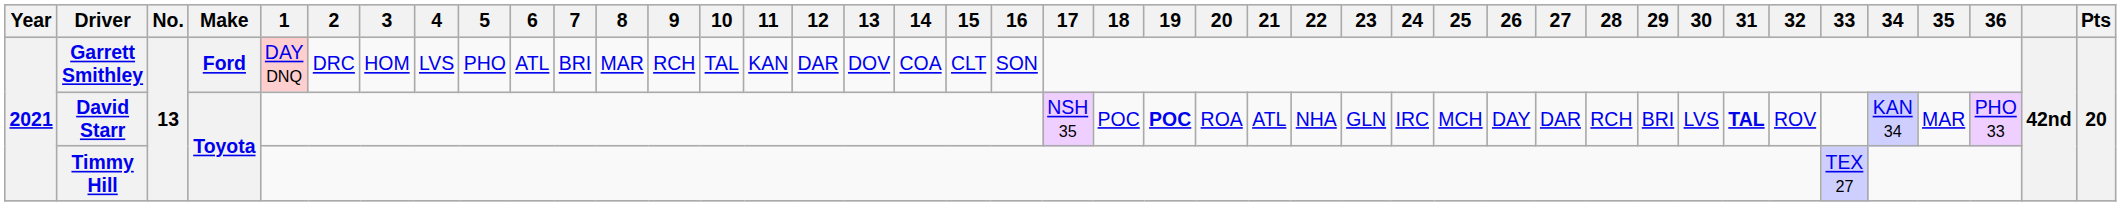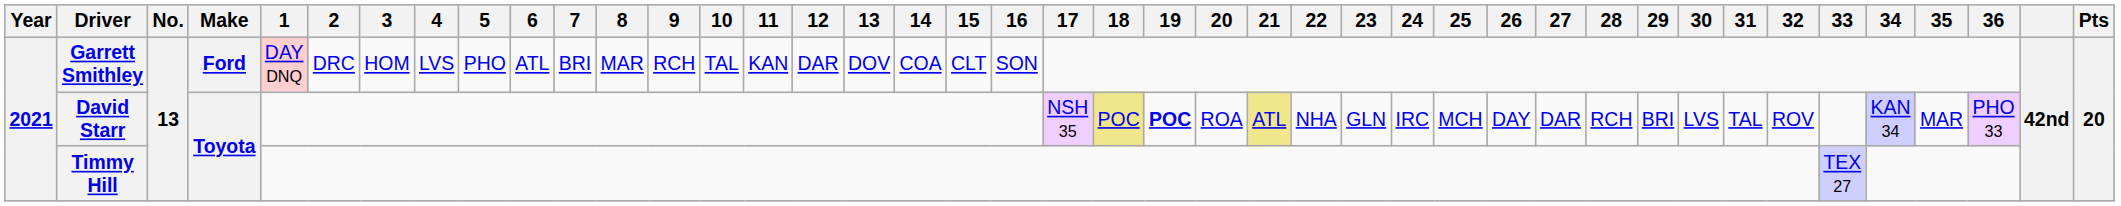 <table class="wikitable" style="text-align:center; font-size:75%">
 <tr>
 <th>Year</th>
 <th>Driver</th>
 <th>No.</th>
 <th>Make</th>
 <th>1</th>
 <th>2</th>
 <th>3</th>
 <th>4</th>
 <th>5</th>
 <th>6</th>
 <th>7</th>
 <th>8</th>
 <th>9</th>
 <th>10</th>
 <th>11</th>
 <th>12</th>
 <th>13</th>
 <th>14</th>
 <th>15</th>
 <th>16</th>
 <th>17</th>
 <th>18</th>
 <th>19</th>
 <th>20</th>
 <th>21</th>
 <th>22</th>
 <th>23</th>
 <th>24</th>
 <th>25</th>
 <th>26</th>
 <th>27</th>
 <th>28</th>
 <th>29</th>
 <th>30</th>
 <th>31</th>
 <th>32</th>
 <th>33</th>
 <th>34</th>
 <th>35</th>
 <th>36</th>
 <th></th>
 <th>Pts</th>
 </tr>
 <tr>
 <th Rowspan=3><a href='#'>2021</a></th>
 <th><a href='#'>Garrett Smithley</a></th>
 <th Rowspan=3>13</th>
 <th><a href='#'>Ford</a></th>
 <td style="background:#FFCFCF;"><a href='#'>DAY</a><br><small>DNQ</small></td>
 <td><a href='#'>DRC</a></td>
 <td><a href='#'>HOM</a></td>
 <td><a href='#'>LVS</a></td>
 <td><a href='#'>PHO</a></td>
 <td><a href='#'>ATL</a></td>
 <td><a href='#'>BRI</a></td>
 <td><a href='#'>MAR</a></td>
 <td><a href='#'>RCH</a></td>
 <td><a href='#'>TAL</a></td>
 <td><a href='#'>KAN</a></td>
 <td><a href='#'>DAR</a></td>
 <td><a href='#'>DOV</a></td>
 <td><a href='#'>COA</a></td>
 <td><a href='#'>CLT</a></td>
 <td><a href='#'>SON</a></td>
 <td colspan=20></td>
 <th Rowspan=4>42nd</th>
 <th Rowspan=4>20</th>
 </tr>
 <tr>
 <th><a href='#'>David Starr</a></th>
 <th Rowspan=2><a href='#'>Toyota</a></th>
 <td colspan=16></td>
 <td style="background:#EFCFFF;"><a href='#'>NSH</a><br><small>35</small></td>
-<td><a href='#'>POC</a></td>
+<td style="background: khaki;"><a href='#'>POC</a></td>
 <td><strong><a href='#'>POC</a></strong></td>
 <td><a href='#'>ROA</a></td>
-<td><a href='#'>ATL</a></td>
+<td style="background: khaki;"><a href='#'>ATL</a></td>
 <td><a href='#'>NHA</a></td>
 <td><a href='#'>GLN</a></td>
 <td><a href='#'>IRC</a></td>
 <td><a href='#'>MCH</a></td>
 <td><a href='#'>DAY</a></td>
 <td><a href='#'>DAR</a></td>
 <td><a href='#'>RCH</a></td>
 <td><a href='#'>BRI</a></td>
 <td><a href='#'>LVS</a></td>
-<td><strong><a href='#'>TAL</a></strong></td>
+<td><a href='#'>TAL</a></td>
 <td><a href='#'>ROV</a></td>
 <td colspan=1></td>
 <td style="background:#CFCFFF;"><a href='#'>KAN</a><br><small>34</small></td>
 <td><a href='#'>MAR</a></td>
 <td style="background:#EFCFFF;"><a href='#'>PHO</a><br><small>33</small></td>
 </tr>
 <tr>
 <th><a href='#'>Timmy Hill</a></th>
 <td colspan=32></td>
 <td style="background:#CFCFFF;"><a href='#'>TEX</a><br><small>27</small></td>
 <td colspan=3></td>
 </tr>
 </table>
